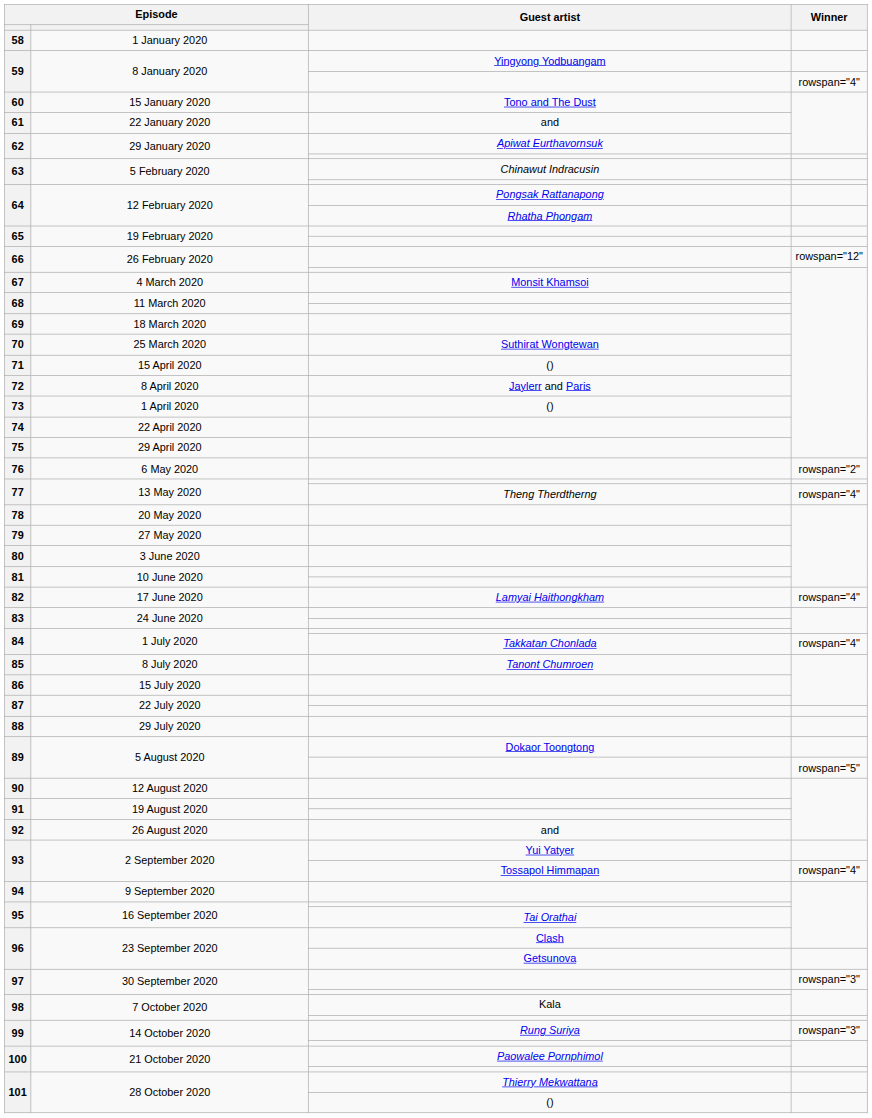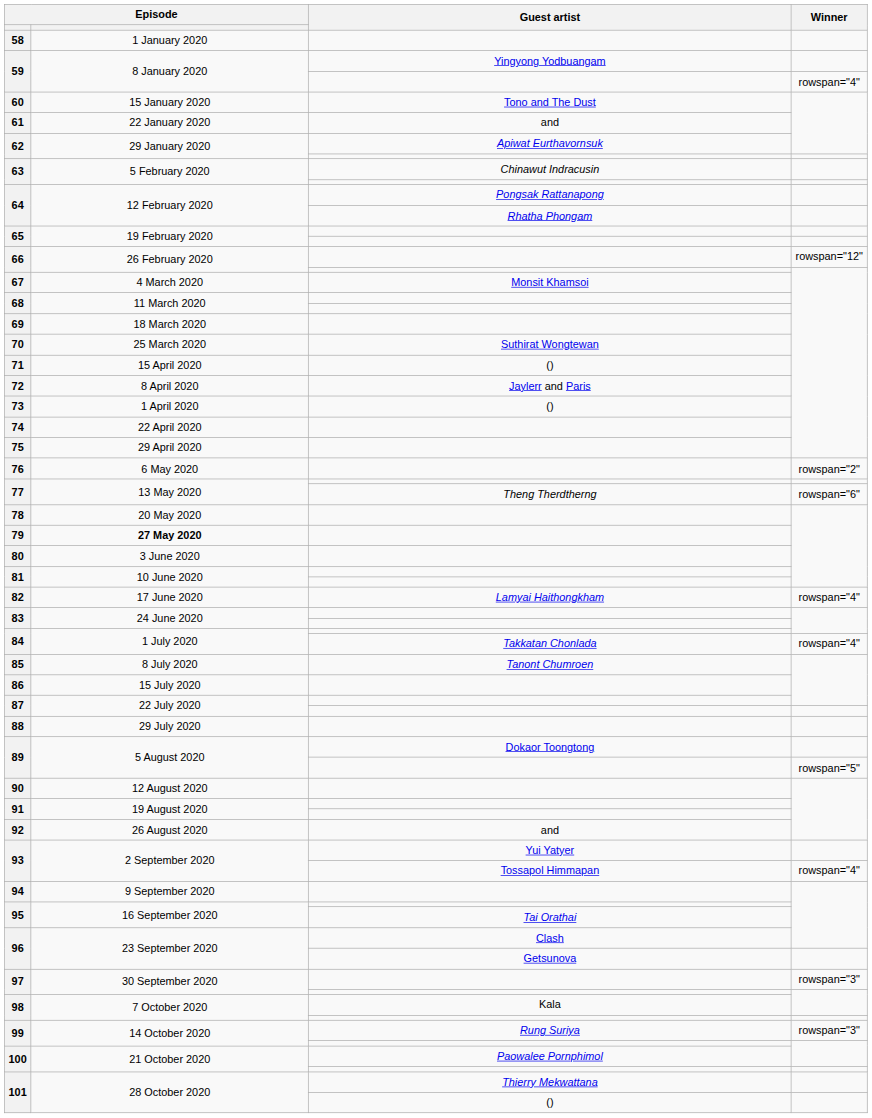 <table class="wikitable plainrowheaders mw-collapsible" style="text-align:center; line-height:23px; width:64%;">
 <tr>
 <th colspan="2" width="24%">Episode</th>
 <th rowspan="2" width="40%">Guest artist</th>
 <th rowspan="2" width="1%">Winner</th>
 </tr>
 <tr>
 <th width="01%"></th>
 <th></th>
 </tr>
 <tr>
 <th>58</th>
 <td>1 January 2020</td>
 <td></td>
 <td></td>
 </tr>
 <tr>
 <th rowspan="2">59</th>
 <td rowspan="2">8 January 2020</td>
 <td><a href='#'>Yingyong Yodbuangam</a></td>
 <td></td>
 </tr>
 <tr>
 <td><em></em></td>
 <td>rowspan="4" </td>
 </tr>
 <tr>
 <th>60</th>
 <td>15 January 2020</td>
 <td><a href='#'>Tono and The Dust</a></td>
 </tr>
 <tr>
 <th>61</th>
 <td>22 January 2020</td>
 <td> and </td>
 </tr>
 <tr>
 <th rowspan="2">62</th>
 <td rowspan="2">29 January 2020</td>
 <td><em><a href='#'>Apiwat Eurthavornsuk</a></em></td>
 </tr>
 <tr>
 <td><em></em></td>
 <td></td>
 </tr>
 <tr>
 <th rowspan="2">63</th>
 <td rowspan="2">5 February 2020</td>
 <td><em>Chinawut Indracusin</em></td>
 <td></td>
 </tr>
 <tr>
 <td><em></em></td>
 <td></td>
 </tr>
 <tr>
 <th rowspan="2">64</th>
 <td rowspan="2">12 February 2020</td>
 <td><em><a href='#'>Pongsak Rattanapong</a></em></td>
 <td></td>
 </tr>
 <tr>
 <td><em><a href='#'>Rhatha Phongam</a></em></td>
 <td></td>
 </tr>
 <tr>
 <th rowspan="2">65</th>
 <td rowspan="2">19 February 2020</td>
 <td><em></em></td>
 <td></td>
 </tr>
 <tr>
 <td><em></em></td>
 <td></td>
 </tr>
 <tr>
 <th rowspan="2">66</th>
 <td rowspan="2">26 February 2020</td>
 <td></td>
 <td>rowspan="12" </td>
 </tr>
 <tr>
 <td></td>
 </tr>
 <tr>
 <th>67</th>
 <td>4 March 2020</td>
 <td><a href='#'>Monsit Khamsoi</a></td>
 </tr>
 <tr>
 <th rowspan="2">68</th>
 <td rowspan="2">11 March 2020</td>
 <td><em></em></td>
 </tr>
 <tr>
 <td></td>
 </tr>
 <tr>
 <th>69</th>
 <td>18 March 2020</td>
 <td></td>
 </tr>
 <tr>
 <th>70</th>
 <td>25 March 2020</td>
 <td><a href='#'>Suthirat Wongtewan</a></td>
 </tr>
 <tr>
 <th>71</th>
 <td>15 April 2020</td>
 <td> ()</td>
 </tr>
 <tr>
 <th>72</th>
 <td>8 April 2020</td>
 <td><a href='#'>Jaylerr</a> and <a href='#'>Paris</a></td>
 </tr>
 <tr>
 <th>73</th>
 <td>1 April 2020</td>
 <td> ()</td>
 </tr>
 <tr>
 <th>74</th>
 <td>22 April 2020</td>
 <td></td>
 </tr>
 <tr>
 <th>75</th>
 <td>29 April 2020</td>
 <td></td>
 </tr>
 <tr>
 <th>76</th>
 <td>6 May 2020</td>
 <td><em></em></td>
 <td>rowspan="2" </td>
 </tr>
 <tr>
 <th rowspan="2">77</th>
 <td rowspan="2">13 May 2020</td>
 <td></td>
 </tr>
 <tr>
 <td><em>Theng Therdtherng</em></td>
-<td>rowspan="4" </td>
+<td>rowspan="6" </td>
 </tr>
 <tr>
 <th>78</th>
 <td>20 May 2020</td>
 <td></td>
 </tr>
 <tr>
 <th>79</th>
-<td>27 May 2020</td>
+<td><strong>27 May 2020</strong></td>
 <td></td>
 </tr>
 <tr>
 <th>80</th>
 <td>3 June 2020</td>
 <td></td>
 </tr>
 <tr>
 <th rowspan="2">81</th>
 <td rowspan="2">10 June 2020</td>
 <td></td>
 </tr>
 <tr>
 <td><em></em></td>
 </tr>
 <tr>
 <th>82</th>
 <td>17 June 2020</td>
 <td><em><a href='#'>Lamyai Haithongkham</a></em></td>
 <td>rowspan="4" </td>
 </tr>
 <tr>
 <th rowspan="2">83</th>
 <td rowspan="2">24 June 2020</td>
 <td></td>
 </tr>
 <tr>
 <td></td>
 </tr>
 <tr>
 <th rowspan="2">84</th>
 <td rowspan="2">1 July 2020</td>
 <td></td>
 </tr>
 <tr>
 <td><em><a href='#'>Takkatan Chonlada</a></em></td>
 <td>rowspan="4" </td>
 </tr>
 <tr>
 <th>85</th>
 <td>8 July 2020</td>
 <td><em><a href='#'>Tanont Chumroen</a></em></td>
 </tr>
 <tr>
 <th>86</th>
 <td>15 July 2020</td>
 <td></td>
 </tr>
 <tr>
 <th rowspan="2">87</th>
 <td rowspan="2">22 July 2020</td>
 <td></td>
 </tr>
 <tr>
 <td></td>
 <td></td>
 </tr>
 <tr>
 <th>88</th>
 <td>29 July 2020</td>
 <td></td>
 <td></td>
 </tr>
 <tr>
 <th rowspan="2">89</th>
 <td rowspan="2">5 August 2020</td>
 <td><a href='#'>Dokaor Toongtong</a></td>
 <td></td>
 </tr>
 <tr>
 <td></td>
 <td>rowspan="5" </td>
 </tr>
 <tr>
 <th>90</th>
 <td>12 August 2020</td>
 <td></td>
 </tr>
 <tr>
 <th rowspan="2">91</th>
 <td rowspan="2">19 August 2020</td>
 <td></td>
 </tr>
 <tr>
 <td></td>
 </tr>
 <tr>
 <th>92</th>
 <td>26 August 2020</td>
 <td><em></em> and <em></em></td>
 </tr>
 <tr>
 <th rowspan="2">93</th>
 <td rowspan="2">2 September 2020</td>
 <td><a href='#'>Yui Yatyer</a></td>
 <td></td>
 </tr>
 <tr>
 <td><a href='#'>Tossapol Himmapan</a></td>
 <td>rowspan="4" </td>
 </tr>
 <tr>
 <th>94</th>
 <td>9 September 2020</td>
 <td></td>
 </tr>
 <tr>
 <th rowspan="2">95</th>
 <td rowspan="2">16 September 2020</td>
 <td><em></em></td>
 </tr>
 <tr>
 <td><em><a href='#'>Tai Orathai</a></em></td>
 </tr>
 <tr>
 <th rowspan="2">96</th>
 <td rowspan="2">23 September 2020</td>
 <td><a href='#'>Clash</a></td>
 </tr>
 <tr>
 <td><a href='#'>Getsunova</a></td>
 <td></td>
 </tr>
 <tr>
 <th rowspan="2">97</th>
 <td rowspan="2">30 September 2020</td>
 <td><em></em></td>
 <td>rowspan="3" </td>
 </tr>
 <tr>
 <td></td>
 </tr>
 <tr>
 <th rowspan="2">98</th>
 <td rowspan="2">7 October 2020</td>
 <td>Kala</td>
 </tr>
 <tr>
 <td></td>
 <td></td>
 </tr>
 <tr>
 <th rowspan="2">99</th>
 <td rowspan="2">14 October 2020</td>
 <td><em><a href='#'>Rung Suriya</a></em></td>
 <td>rowspan="3" </td>
 </tr>
 <tr>
 <td><em></em></td>
 </tr>
 <tr>
 <th rowspan="2">100</th>
 <td rowspan="2">21 October 2020</td>
 <td><em><a href='#'>Paowalee Pornphimol</a></em></td>
 </tr>
 <tr>
 <td><em></em></td>
 <td></td>
 </tr>
 <tr>
 <th rowspan="2">101</th>
 <td rowspan="2">28 October 2020</td>
 <td><em><a href='#'>Thierry Mekwattana</a></em></td>
 <td></td>
 </tr>
 <tr>
 <td> ()</td>
 <td></td>
 </tr>
 </table>
